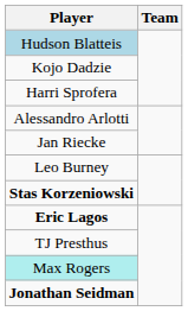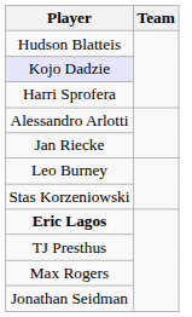 <table class="wikitable" style="text-align:center">
 <tr>
 <th>Player</th>
 <th>Team</th>
 </tr>
 <tr>
-<td style="background: lightblue;">Hudson Blatteis</td>
+<td>Hudson Blatteis</td>
 <td rowspan=3></td>
 </tr>
 <tr>
-<td>Kojo Dadzie</td>
+<td style="background: lavender;">Kojo Dadzie</td>
 </tr>
 <tr>
 <td>Harri Sprofera</td>
 </tr>
 <tr>
 <td>Alessandro Arlotti</td>
 <td rowspan=2></td>
 </tr>
 <tr>
 <td>Jan Riecke</td>
 </tr>
 <tr>
 <td>Leo Burney</td>
 <td rowspan=2></td>
 </tr>
 <tr>
-<td><strong>Stas Korzeniowski</strong></td>
+<td>Stas Korzeniowski</td>
 </tr>
 <tr>
 <td><strong>Eric Lagos</strong></td>
 <td rowspan=4></td>
 </tr>
 <tr>
 <td>TJ Presthus</td>
 </tr>
 <tr>
-<td style="background: paleturquoise;">Max Rogers</td>
+<td>Max Rogers</td>
 </tr>
 <tr>
-<td><strong>Jonathan Seidman</strong></td>
+<td>Jonathan Seidman</td>
 </tr>
 </table>
